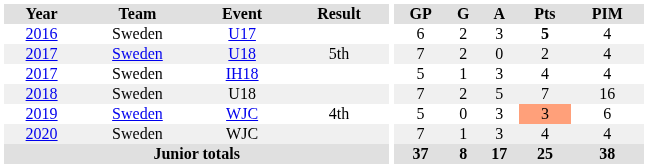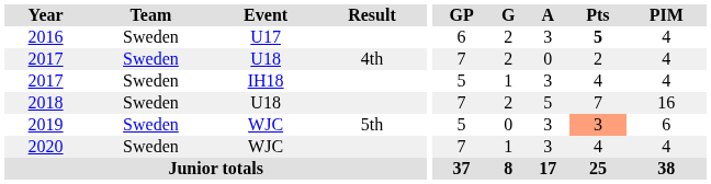 <table border="0" cellpadding="1" cellspacing="0" ID="Table3" style="text-align:center; width:40em">
 <tr ALIGN="center" bgcolor="#e0e0e0">
 <th>Year</th>
 <th>Team</th>
 <th>Event</th>
 <th>Result</th>
 <th rowspan="99" bgcolor="#ffffff"></th>
 <th>GP</th>
 <th>G</th>
 <th>A</th>
 <th>Pts</th>
 <th>PIM</th>
 </tr>
 <tr>
 <td><a href='#'>2016</a></td>
 <td>Sweden</td>
 <td><a href='#'>U17</a></td>
 <td></td>
 <td>6</td>
 <td>2</td>
 <td>3</td>
 <td><strong>5</strong></td>
 <td>4</td>
 </tr>
 <tr bgcolor="#f0f0f0">
 <td><a href='#'>2017</a></td>
 <td><a href='#'>Sweden</a></td>
 <td><a href='#'>U18</a></td>
-<td>5th</td>
+<td>4th</td>
 <td>7</td>
 <td>2</td>
 <td>0</td>
 <td>2</td>
 <td>4</td>
 </tr>
 <tr>
 <td><a href='#'>2017</a></td>
 <td>Sweden</td>
 <td><a href='#'>IH18</a></td>
 <td></td>
 <td>5</td>
 <td>1</td>
 <td>3</td>
 <td>4</td>
 <td>4</td>
 </tr>
 <tr bgcolor="#f0f0f0">
 <td><a href='#'>2018</a></td>
 <td>Sweden</td>
 <td>U18</td>
 <td></td>
 <td>7</td>
 <td>2</td>
 <td>5</td>
 <td>7</td>
 <td>16</td>
 </tr>
 <tr>
 <td><a href='#'>2019</a></td>
 <td><a href='#'>Sweden</a></td>
 <td><a href='#'>WJC</a></td>
-<td>4th</td>
+<td>5th</td>
 <td>5</td>
 <td>0</td>
 <td>3</td>
 <td style="background: lightsalmon;">3</td>
 <td>6</td>
 </tr>
 <tr bgcolor="#f0f0f0">
 <td><a href='#'>2020</a></td>
 <td>Sweden</td>
 <td>WJC</td>
 <td></td>
 <td>7</td>
 <td>1</td>
 <td>3</td>
 <td>4</td>
 <td>4</td>
 </tr>
 <tr bgcolor="#e0e0e0">
 <th colspan="4">Junior totals</th>
 <th>37</th>
 <th>8</th>
 <th>17</th>
 <th>25</th>
 <th>38</th>
 </tr>
 </table>
